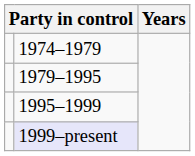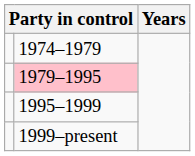 <table class="wikitable">
 <tr>
 <th colspan="2">Party in control</th>
 <th>Years</th>
 </tr>
 <tr>
 <td></td>
 <td>1974–1979</td>
 </tr>
 <tr>
 <td></td>
-<td>1979–1995</td>
+<td style="background: pink;">1979–1995</td>
 </tr>
 <tr>
 <td></td>
 <td>1995–1999</td>
 </tr>
 <tr>
 <td></td>
-<td style="background: lavender;">1999–present</td>
+<td>1999–present</td>
 </tr>
 </table>
